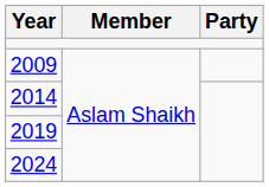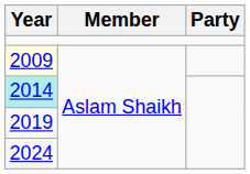 <table class="wikitable">
 <tr>
 <th>Year</th>
 <th>Member</th>
 <th colspan="2">Party</th>
 </tr>
 <tr>
 <td colspan=4></td>
 </tr>
 <tr>
-<td><a href='#'>2009</a></td>
+<td style="background: lightyellow;"><a href='#'>2009</a></td>
 <td rowspan="4"><a href='#'>Aslam Shaikh</a></td>
 <td></td>
 </tr>
 <tr>
-<td><a href='#'>2014</a></td>
+<td style="background: paleturquoise;"><a href='#'>2014</a></td>
 </tr>
 <tr>
 <td><a href='#'>2019</a></td>
 </tr>
 <tr>
 <td><a href='#'>2024</a></td>
 </tr>
 </table>
